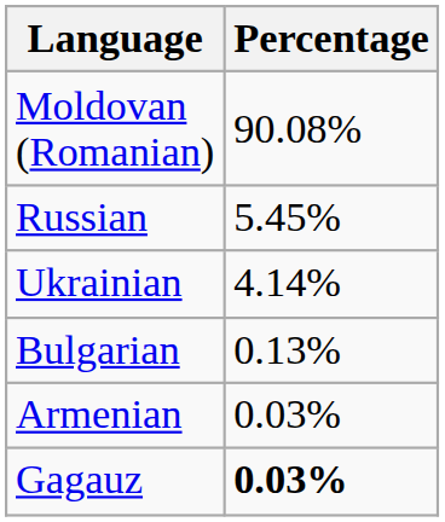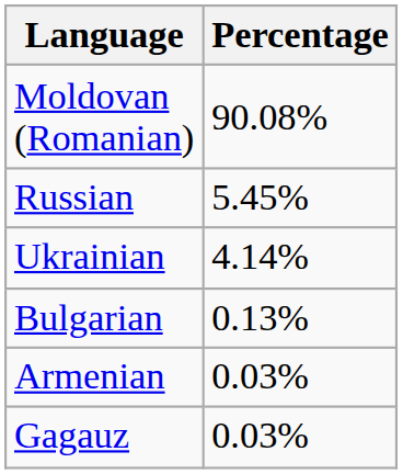 <table class="wikitable">
 <tr>
 <th>Language</th>
 <th>Percentage</th>
 </tr>
 <tr>
 <td><a href='#'>Moldovan</a><br>(<a href='#'>Romanian</a>)</td>
 <td>90.08%</td>
 </tr>
 <tr>
 <td><a href='#'>Russian</a></td>
 <td>5.45%</td>
 </tr>
 <tr>
 <td><a href='#'>Ukrainian</a></td>
 <td>4.14%</td>
 </tr>
 <tr>
 <td><a href='#'>Bulgarian</a></td>
 <td>0.13%</td>
 </tr>
 <tr>
 <td><a href='#'>Armenian</a></td>
 <td>0.03%</td>
 </tr>
 <tr>
 <td><a href='#'>Gagauz</a></td>
-<td><strong>0.03%</strong></td>
+<td>0.03%</td>
 </tr>
 </table>
